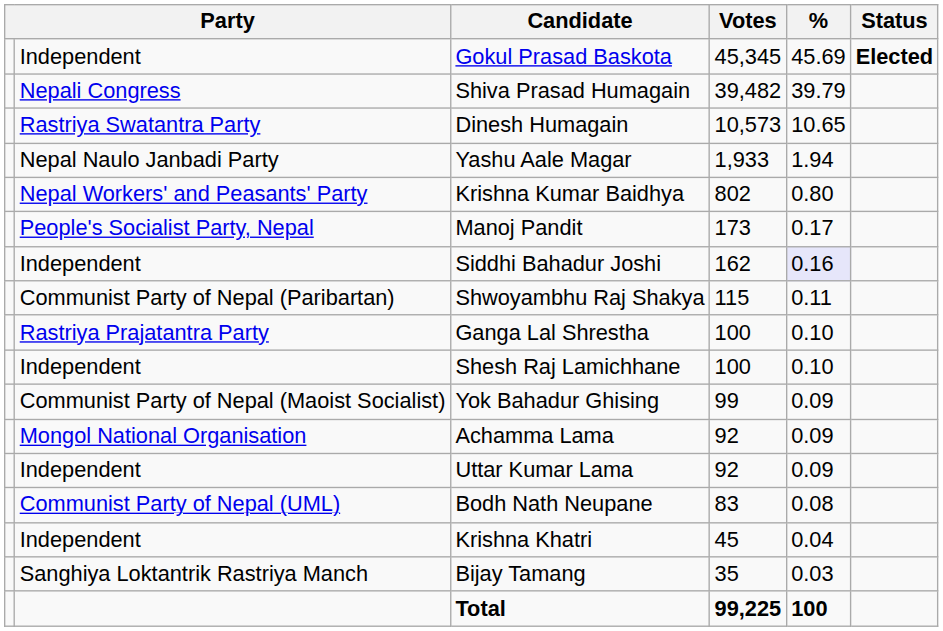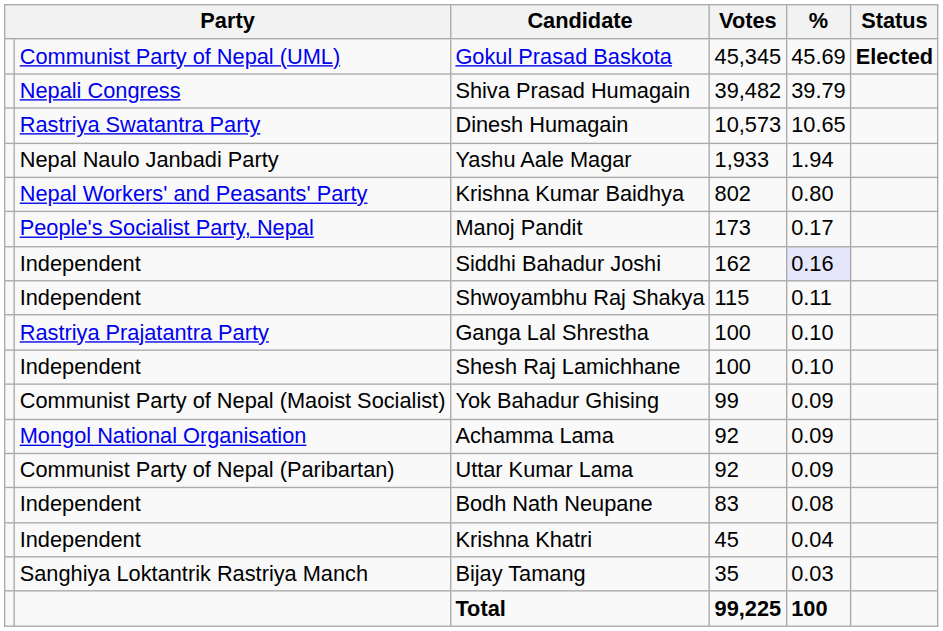 <table class="wikitable">
 <tr>
 <th colspan="2">Party</th>
 <th>Candidate</th>
 <th>Votes</th>
 <th>%</th>
 <th>Status</th>
 </tr>
 <tr>
 <td style="background-color:"></td>
-<td>Independent</td>
+<td><a href='#'>Communist Party of Nepal (UML)</a></td>
 <td><a href='#'>Gokul Prasad Baskota</a></td>
 <td>45,345</td>
 <td>45.69</td>
 <td><strong>Elected</strong></td>
 </tr>
 <tr>
 <td style="background-color:"></td>
 <td><a href='#'>Nepali Congress</a></td>
 <td>Shiva Prasad Humagain</td>
 <td>39,482</td>
 <td>39.79</td>
 <td></td>
 </tr>
 <tr>
 <td style="background-color:"></td>
 <td><a href='#'>Rastriya Swatantra Party</a></td>
 <td>Dinesh Humagain</td>
 <td>10,573</td>
 <td>10.65</td>
 <td></td>
 </tr>
 <tr>
 <td style="background-color:"></td>
 <td>Nepal Naulo Janbadi Party</td>
 <td>Yashu Aale Magar</td>
 <td>1,933</td>
 <td>1.94</td>
 <td></td>
 </tr>
 <tr>
 <td style="background-color:"></td>
 <td><a href='#'>Nepal Workers' and Peasants' Party</a></td>
 <td>Krishna Kumar Baidhya</td>
 <td>802</td>
 <td>0.80</td>
 <td></td>
 </tr>
 <tr>
 <td></td>
 <td><a href='#'>People's Socialist Party, Nepal</a></td>
 <td>Manoj Pandit</td>
 <td>173</td>
 <td>0.17</td>
 <td></td>
 </tr>
 <tr>
 <td style="background-color:"></td>
 <td>Independent</td>
 <td>Siddhi Bahadur Joshi</td>
 <td>162</td>
 <td style="background: lavender;">0.16</td>
 <td></td>
 </tr>
 <tr>
 <td></td>
-<td>Communist Party of Nepal (Paribartan)</td>
+<td>Independent</td>
 <td>Shwoyambhu Raj Shakya</td>
 <td>115</td>
 <td>0.11</td>
 <td></td>
 </tr>
 <tr>
 <td></td>
 <td><a href='#'>Rastriya Prajatantra Party</a></td>
 <td>Ganga Lal Shrestha</td>
 <td>100</td>
 <td>0.10</td>
 <td></td>
 </tr>
 <tr>
 <td></td>
 <td>Independent</td>
 <td>Shesh Raj Lamichhane</td>
 <td>100</td>
 <td>0.10</td>
 <td></td>
 </tr>
 <tr>
 <td></td>
 <td>Communist Party of Nepal (Maoist Socialist)</td>
 <td>Yok Bahadur Ghising</td>
 <td>99</td>
 <td>0.09</td>
 <td></td>
 </tr>
 <tr>
 <td></td>
 <td><a href='#'>Mongol National Organisation</a></td>
 <td>Achamma Lama</td>
 <td>92</td>
 <td>0.09</td>
 <td></td>
 </tr>
 <tr>
 <td></td>
-<td>Independent</td>
+<td>Communist Party of Nepal (Paribartan)</td>
 <td>Uttar Kumar Lama</td>
 <td>92</td>
 <td>0.09</td>
 <td></td>
 </tr>
 <tr>
 <td></td>
-<td><a href='#'>Communist Party of Nepal (UML)</a></td>
+<td>Independent</td>
 <td>Bodh Nath Neupane</td>
 <td>83</td>
 <td>0.08</td>
 <td></td>
 </tr>
 <tr>
 <td></td>
 <td>Independent</td>
 <td>Krishna Khatri</td>
 <td>45</td>
 <td>0.04</td>
 <td></td>
 </tr>
 <tr>
 <td></td>
 <td>Sanghiya Loktantrik Rastriya Manch</td>
 <td>Bijay Tamang</td>
 <td>35</td>
 <td>0.03</td>
 <td></td>
 </tr>
 <tr>
 <td></td>
 <td></td>
 <td><strong>Total</strong></td>
 <td><strong>99,225</strong></td>
 <td><strong>100</strong></td>
 <td></td>
 </tr>
 </table>
